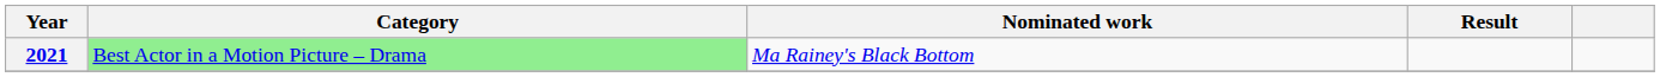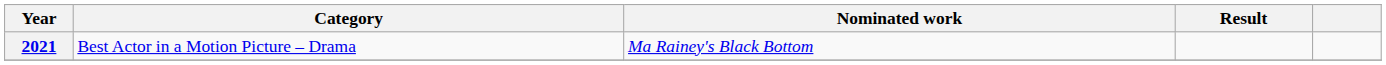 <table class="wikitable plainrowheaders" style="width:100%;">
 <tr>
 <th scope="col" style="width:5%;">Year</th>
 <th scope="col" style="width:40%;">Category</th>
 <th scope="col" style="width:40%;">Nominated work</th>
 <th scope="col" style="width:10%;">Result</th>
 <th scope="col" style="width:5%;"></th>
 </tr>
 <tr>
 <th scope="row" style="text-align:center;"><a href='#'>2021</a></th>
-<td style="background: lightgreen;"><a href='#'>Best Actor in a Motion Picture – Drama</a></td>
+<td><a href='#'>Best Actor in a Motion Picture – Drama</a></td>
 <td><em><a href='#'>Ma Rainey's Black Bottom</a></em></td>
 <td></td>
 <td style="text-align:center;"></td>
 </tr>
 <tr>
 </tr>
 </table>
